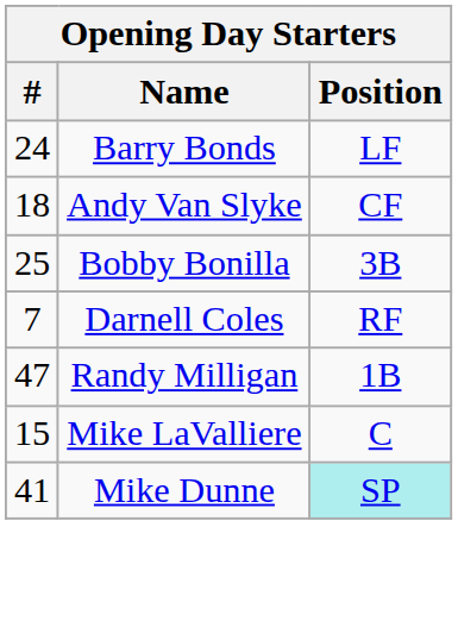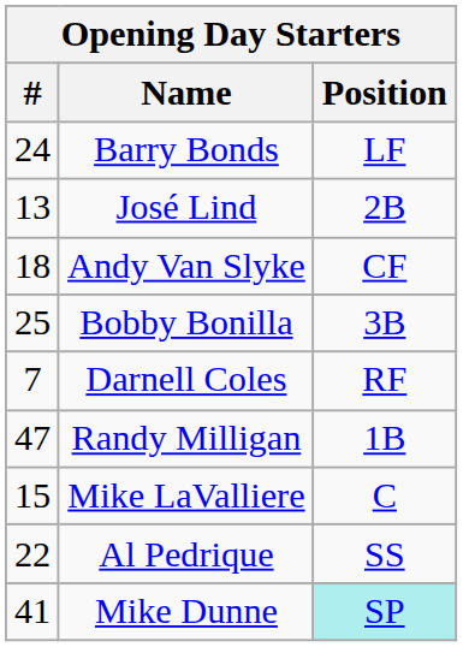 <table class="wikitable" style="text-align:center">
 <tr>
 <th colspan="3">Opening Day Starters</th>
 </tr>
 <tr>
 <th>#</th>
 <th>Name</th>
 <th>Position</th>
 </tr>
 <tr>
 <td>24</td>
 <td><a href='#'>Barry Bonds</a></td>
 <td><a href='#'>LF</a></td>
+</tr>
+<tr>
+<td>13</td>
+<td><a href='#'>José Lind</a></td>
+<td><a href='#'>2B</a></td>
 </tr>
 <tr>
 <td>18</td>
 <td><a href='#'>Andy Van Slyke</a></td>
 <td><a href='#'>CF</a></td>
 </tr>
 <tr>
 <td>25</td>
 <td><a href='#'>Bobby Bonilla</a></td>
 <td><a href='#'>3B</a></td>
 </tr>
 <tr>
 <td>7</td>
 <td><a href='#'>Darnell Coles</a></td>
 <td><a href='#'>RF</a></td>
 </tr>
 <tr>
 <td>47</td>
 <td><a href='#'>Randy Milligan</a></td>
 <td><a href='#'>1B</a></td>
 </tr>
 <tr>
 <td>15</td>
 <td><a href='#'>Mike LaValliere</a></td>
 <td><a href='#'>C</a></td>
 </tr>
 <tr>
+<td>22</td>
+<td><a href='#'>Al Pedrique</a></td>
+<td><a href='#'>SS</a></td>
+</tr>
+<tr>
 <td>41</td>
 <td><a href='#'>Mike Dunne</a></td>
 <td style="background: paleturquoise;"><a href='#'>SP</a></td>
 </tr>
 </table>
